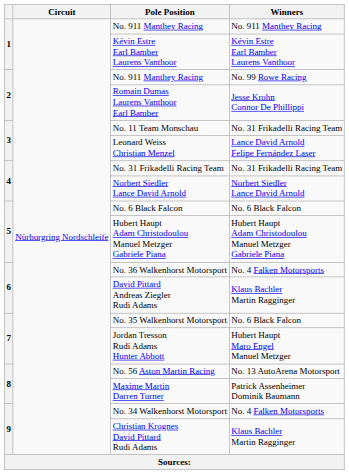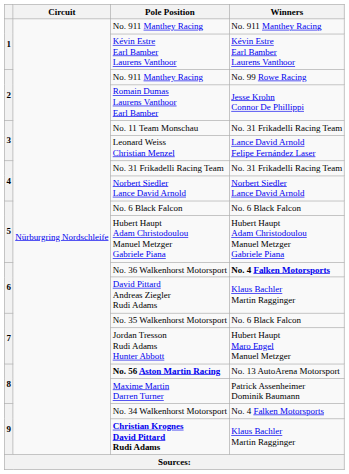 <table class="wikitable" style="font-size: 85%;">
 <tr>
 <th></th>
 <th>Circuit</th>
 <th>Pole Position</th>
 <th>Winners</th>
 </tr>
 <tr>
 <th rowspan=2>1</th>
 <td rowspan="18"> <a href='#'>Nürburgring Nordschleife</a></td>
 <td>No. 911  <a href='#'>Manthey Racing</a></td>
 <td>No. 911  <a href='#'>Manthey Racing</a></td>
 </tr>
 <tr>
 <td> <a href='#'>Kévin Estre</a><br> <a href='#'>Earl Bamber</a><br> <a href='#'>Laurens Vanthoor</a></td>
 <td> <a href='#'>Kévin Estre</a><br> <a href='#'>Earl Bamber</a><br> <a href='#'>Laurens Vanthoor</a></td>
 </tr>
 <tr>
 <th rowspan=2>2</th>
 <td>No. 911  <a href='#'>Manthey Racing</a></td>
 <td>No. 99  <a href='#'>Rowe Racing</a></td>
 </tr>
 <tr>
 <td> <a href='#'>Romain Dumas</a><br> <a href='#'>Laurens Vanthoor</a><br> <a href='#'>Earl Bamber</a></td>
 <td> <a href='#'>Jesse Krohn</a><br> <a href='#'>Connor De Phillippi</a></td>
 </tr>
 <tr>
 <th rowspan=2>3</th>
 <td>No. 11  Team Monschau</td>
 <td>No. 31  Frikadelli Racing Team</td>
 </tr>
 <tr>
 <td> Leonard Weiss<br> <a href='#'>Christian Menzel</a></td>
 <td> <a href='#'>Lance David Arnold</a><br> <a href='#'>Felipe Fernández Laser</a></td>
 </tr>
 <tr>
 <th rowspan=2>4</th>
 <td>No. 31  Frikadelli Racing Team</td>
 <td>No. 31  Frikadelli Racing Team</td>
 </tr>
 <tr>
 <td> <a href='#'>Norbert Siedler</a><br> <a href='#'>Lance David Arnold</a></td>
 <td> <a href='#'>Norbert Siedler</a><br> <a href='#'>Lance David Arnold</a></td>
 </tr>
 <tr>
 <th rowspan=2>5</th>
 <td>No. 6  Black Falcon</td>
 <td>No. 6  Black Falcon</td>
 </tr>
 <tr>
 <td> Hubert Haupt<br> <a href='#'>Adam Christodoulou</a><br> Manuel Metzger<br> <a href='#'>Gabriele Piana</a></td>
 <td> Hubert Haupt<br> <a href='#'>Adam Christodoulou</a><br> Manuel Metzger<br> <a href='#'>Gabriele Piana</a></td>
 </tr>
 <tr>
 <th rowspan=2>6</th>
 <td>No. 36  Walkenhorst Motorsport</td>
-<td>No. 4  <a href='#'>Falken Motorsports</a></td>
+<td><strong>No. 4  <a href='#'>Falken Motorsports</a></strong></td>
 </tr>
 <tr>
 <td> <a href='#'>David Pittard</a><br> Andreas Ziegler<br> Rudi Adams</td>
 <td> <a href='#'>Klaus Bachler</a><br> Martin Ragginger</td>
 </tr>
 <tr>
 <th rowspan=2>7</th>
 <td>No. 35  Walkenhorst Motorsport</td>
 <td>No. 6  Black Falcon</td>
 </tr>
 <tr>
 <td> Jordan Tresson<br> Rudi Adams<br> <a href='#'>Hunter Abbott</a></td>
 <td> Hubert Haupt<br> <a href='#'>Maro Engel</a><br> Manuel Metzger</td>
 </tr>
 <tr>
 <th rowspan=2>8</th>
-<td>No. 56  <a href='#'>Aston Martin Racing</a></td>
+<td><strong>No. 56  <a href='#'>Aston Martin Racing</a></strong></td>
 <td>No. 13  AutoArena Motorsport</td>
 </tr>
 <tr>
 <td> <a href='#'>Maxime Martin</a><br> <a href='#'>Darren Turner</a></td>
 <td> Patrick Assenheimer<br> Dominik Baumann</td>
 </tr>
 <tr>
 <th rowspan=2>9</th>
 <td>No. 34  Walkenhorst Motorsport</td>
 <td>No. 4  <a href='#'>Falken Motorsports</a></td>
 </tr>
 <tr>
-<td> <a href='#'>Christian Krognes</a><br> <a href='#'>David Pittard</a><br> Rudi Adams</td>
+<td><strong> <a href='#'>Christian Krognes</a><br> <a href='#'>David Pittard</a><br> Rudi Adams</strong></td>
 <td> <a href='#'>Klaus Bachler</a><br> Martin Ragginger</td>
 </tr>
 <tr>
 <th colspan=4>Sources:</th>
 </tr>
 </table>
